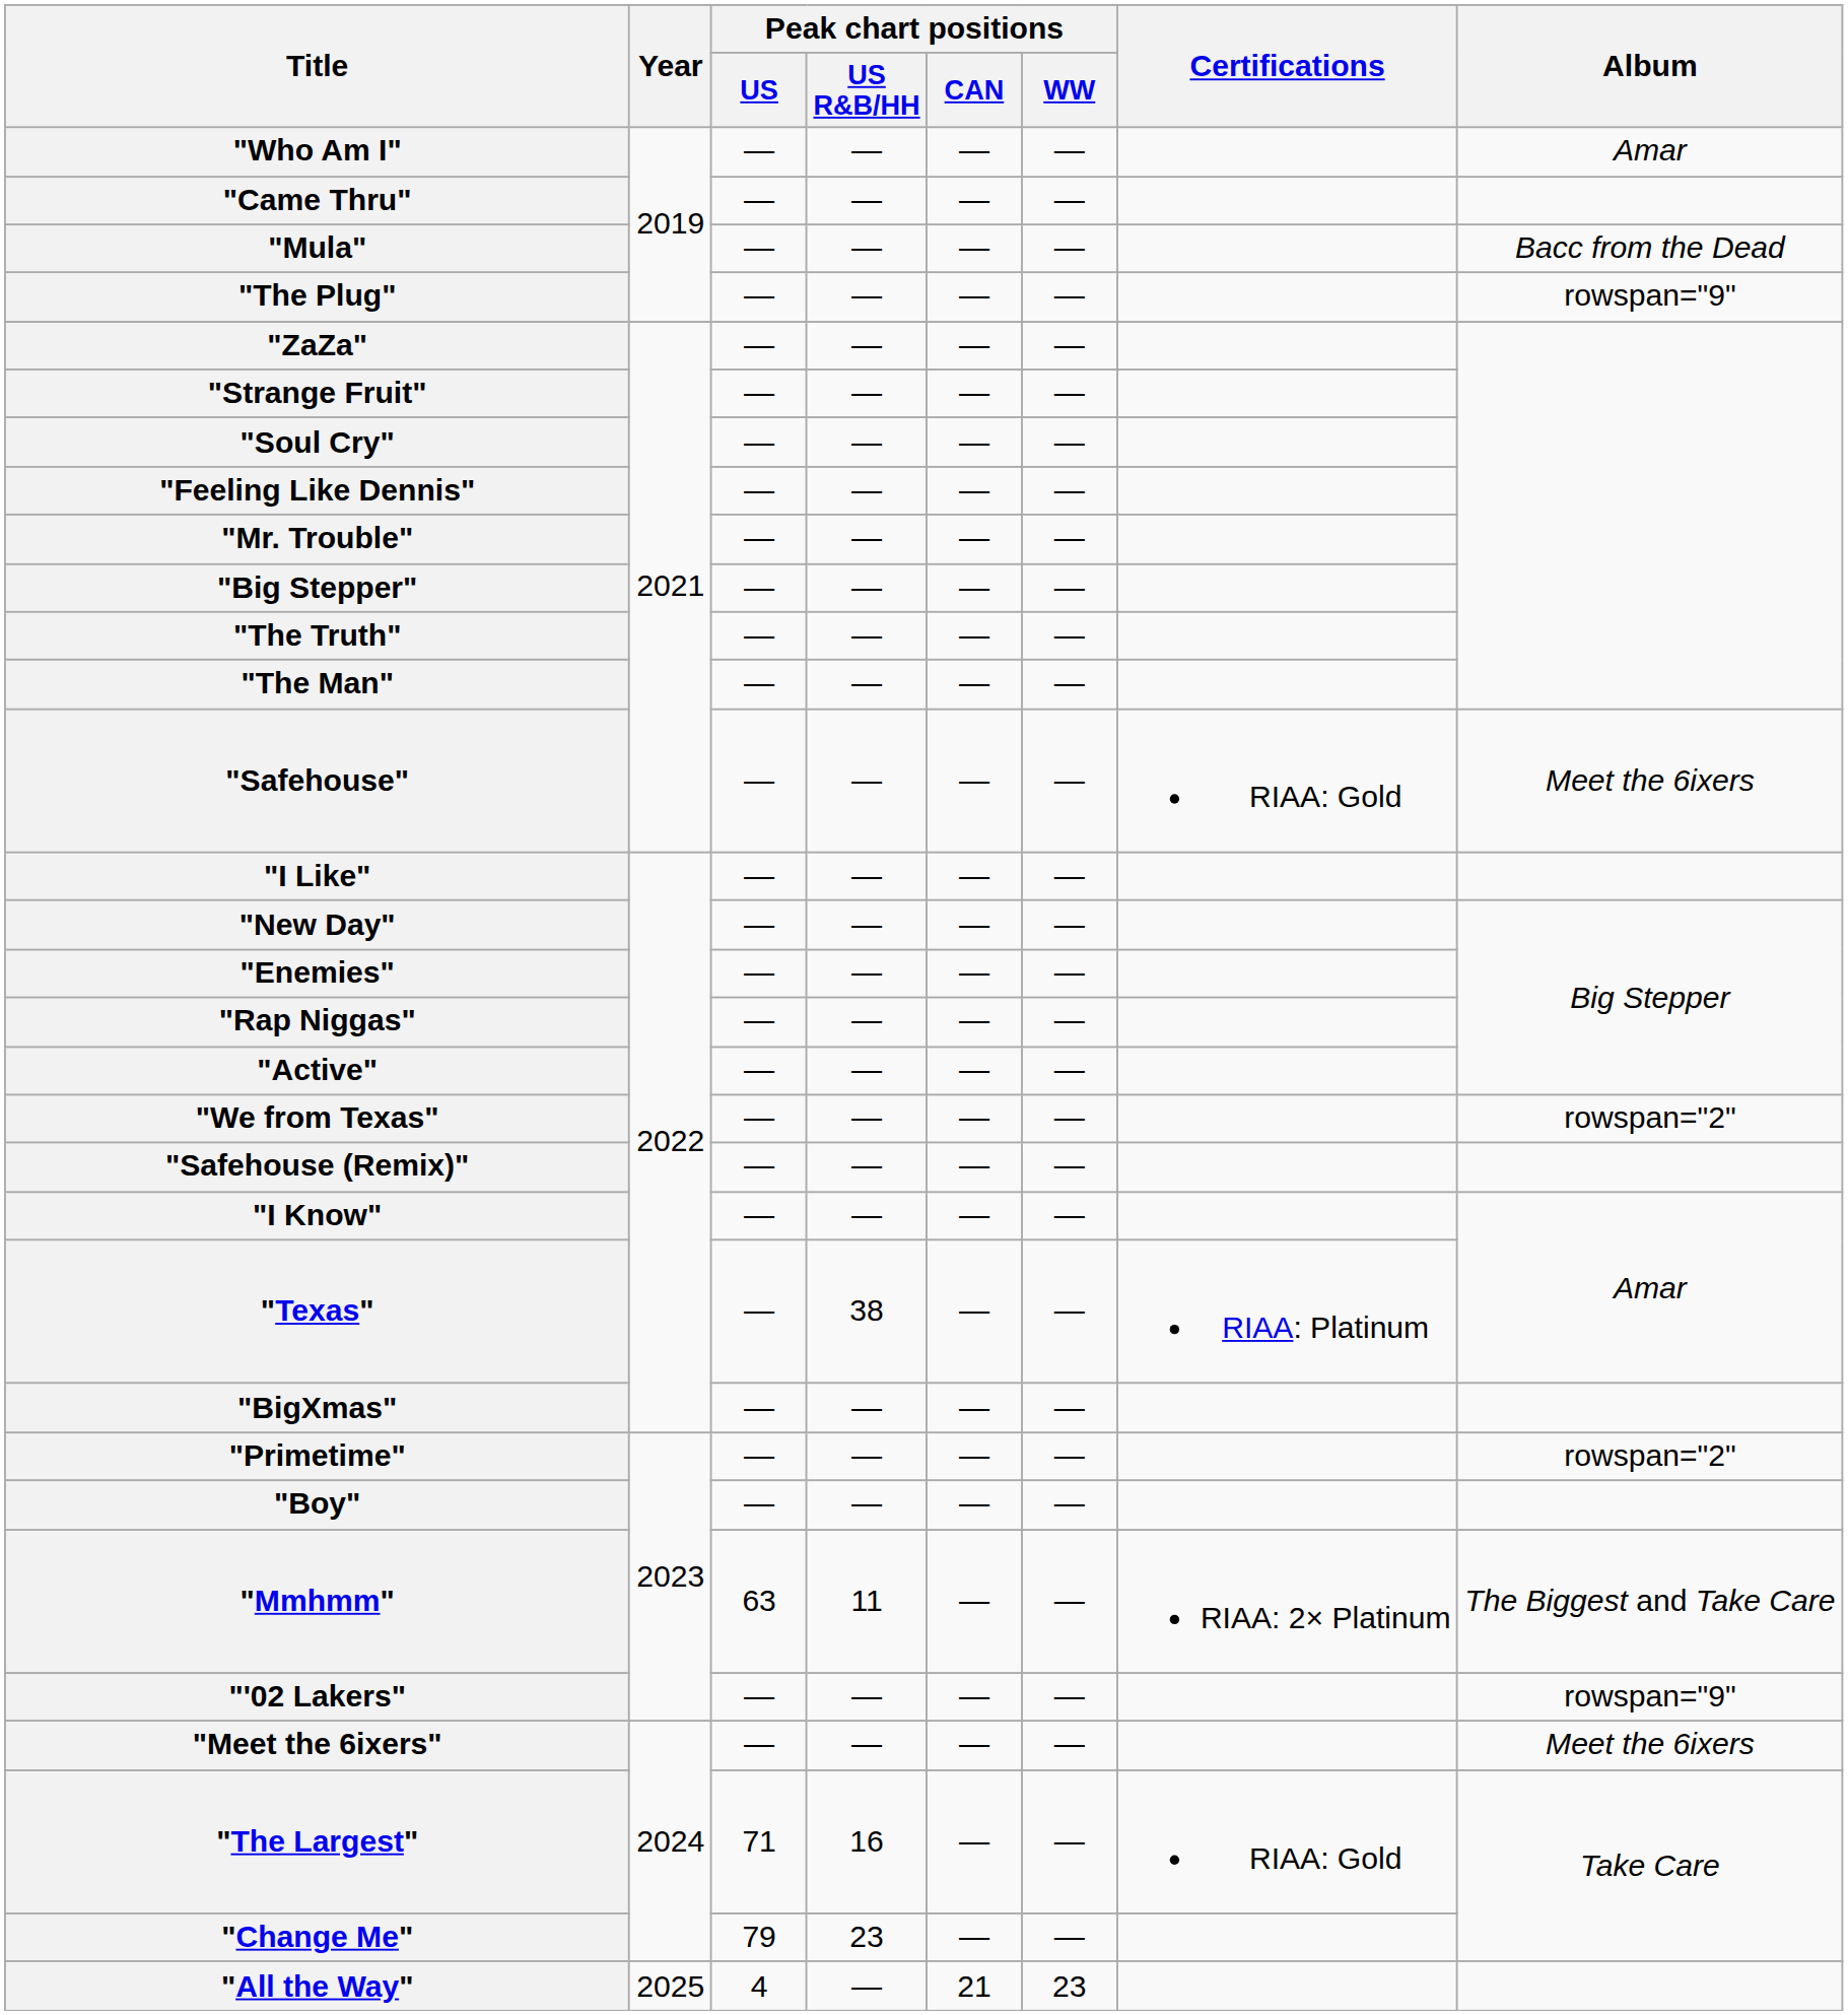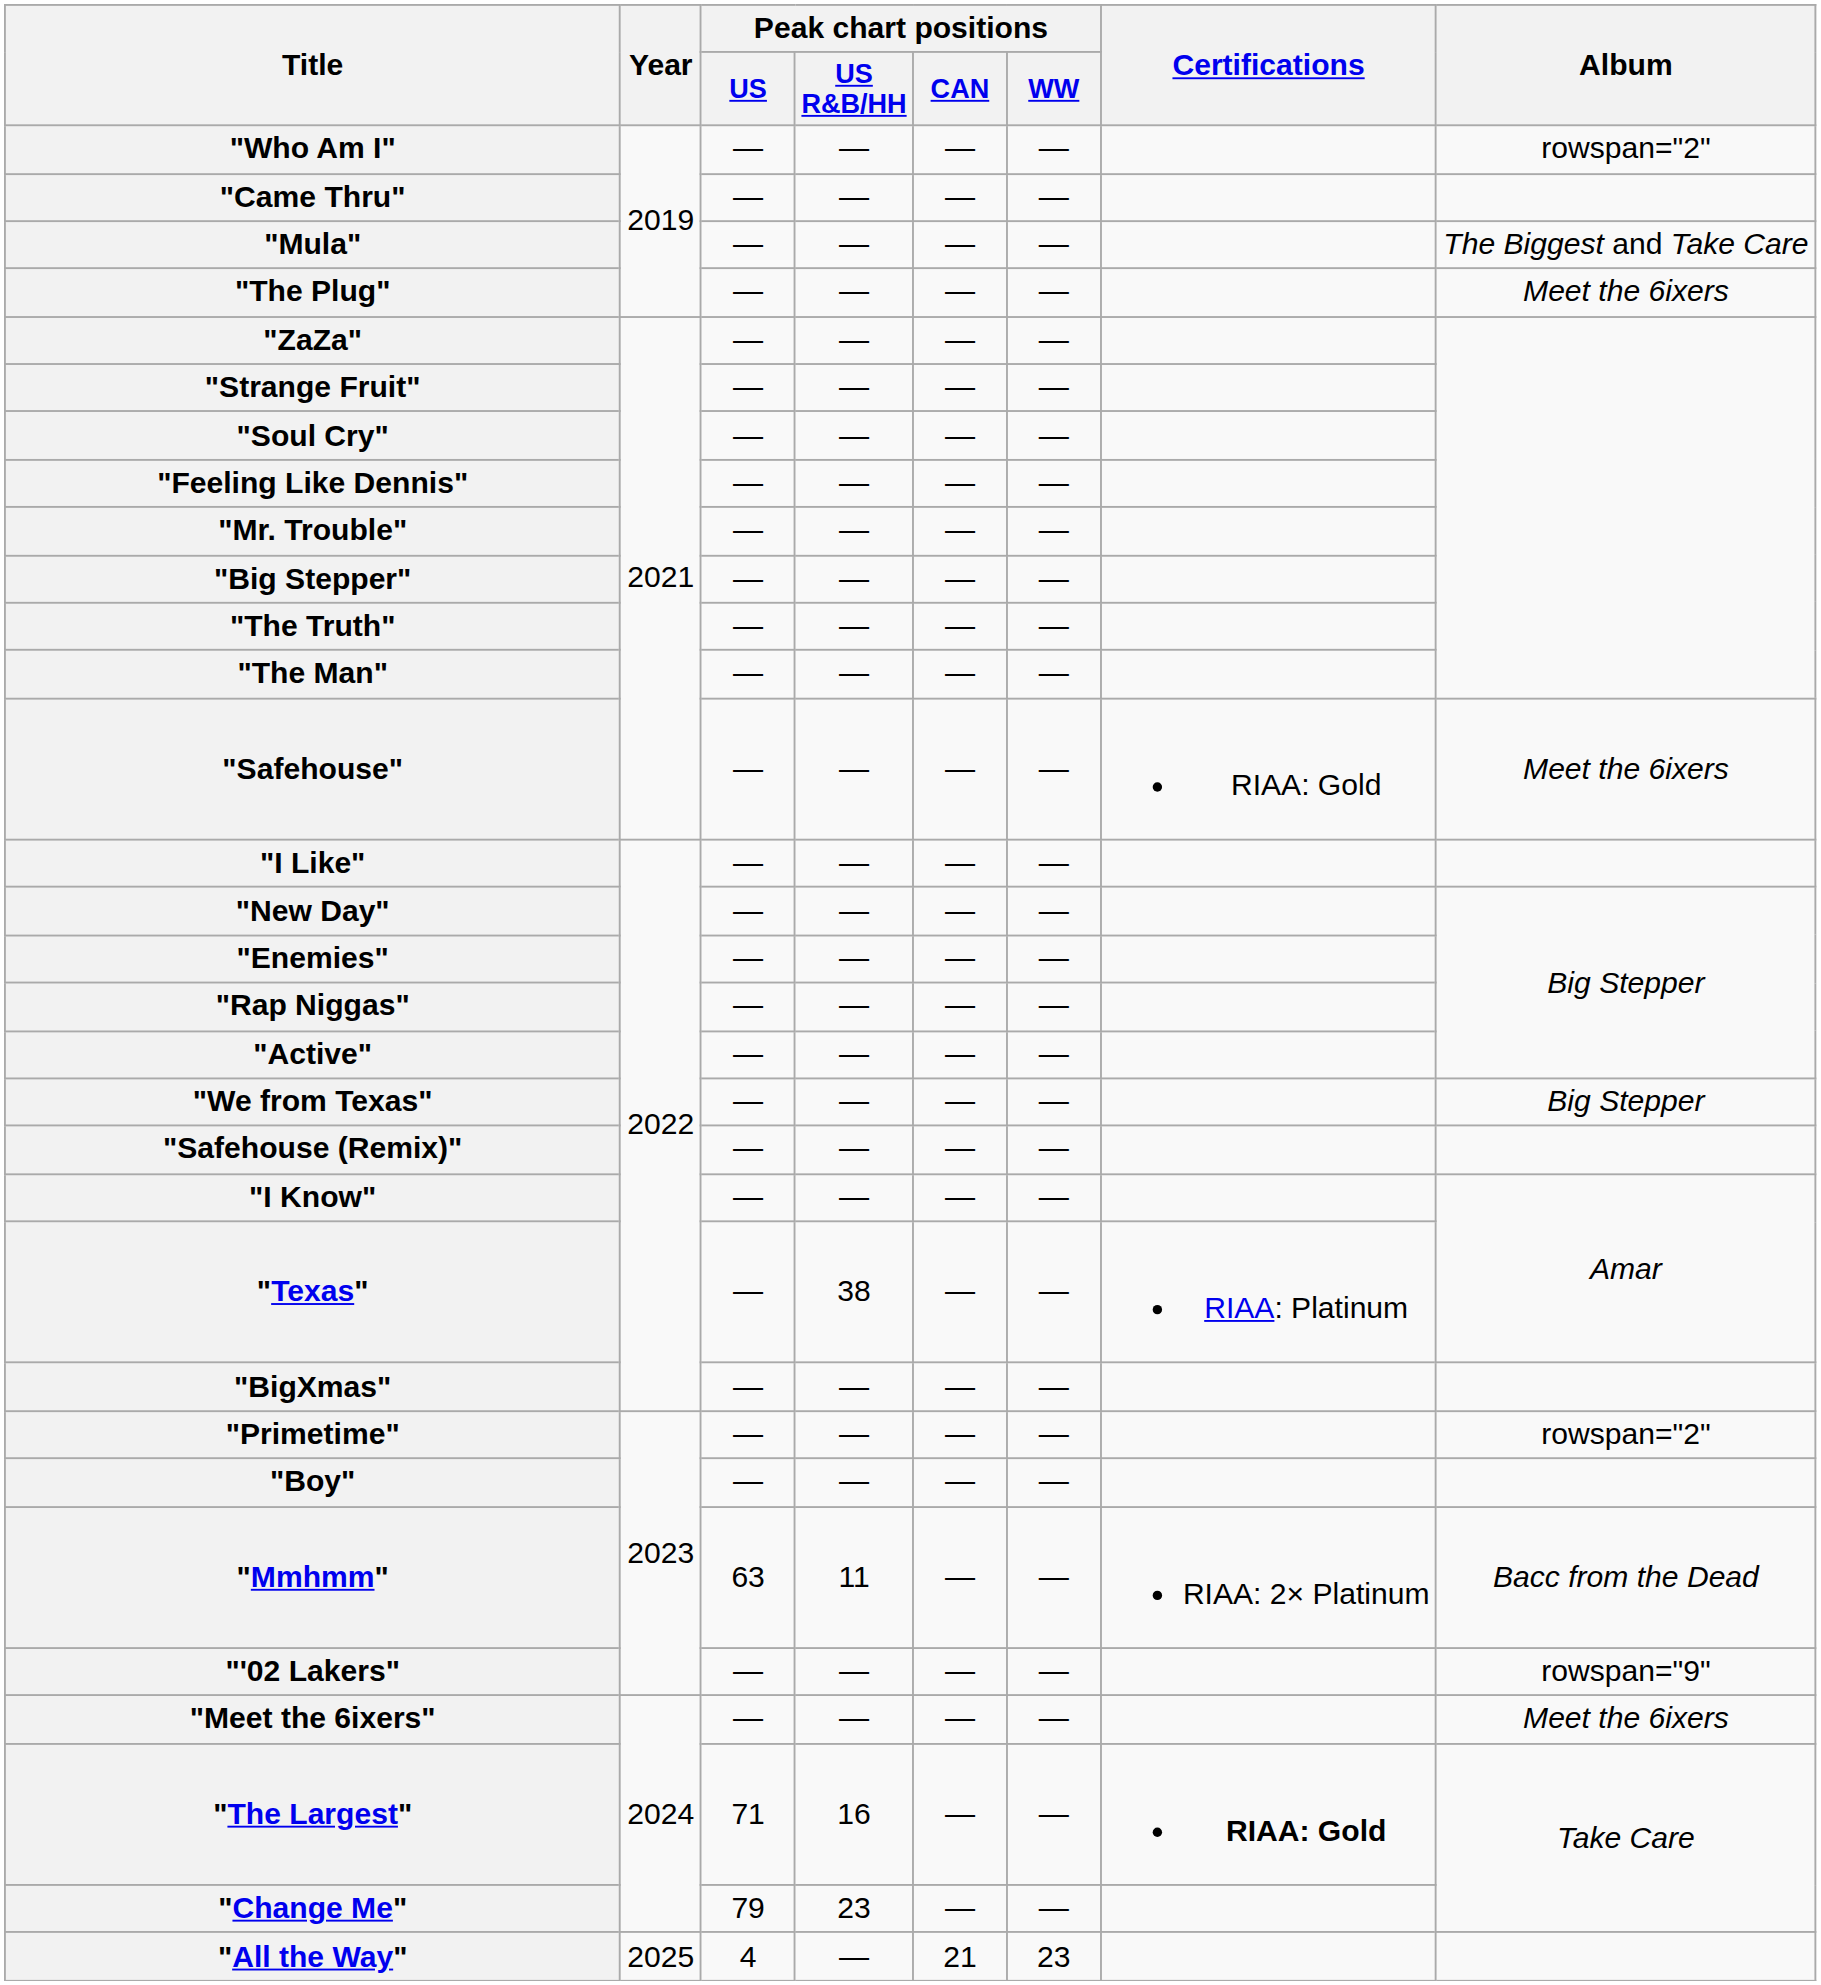 <table class="wikitable plainrowheaders" style="text-align:center;">
 <tr>
 <th scope="col" rowspan="2" style="width:20em;">Title</th>
 <th scope="col" rowspan="2">Year</th>
 <th scope="col" colspan="4">Peak chart positions</th>
 <th scope="col" rowspan="2"><a href='#'>Certifications</a></th>
 <th scope="col" rowspan="2">Album</th>
 </tr>
 <tr>
 <th scope="col" style="width:3em;font-size:90%;"><a href='#'>US</a><br></th>
 <th scope="col" style="width:3em;font-size:90%;"><a href='#'>US<br>R&B/HH</a><br></th>
 <th scope="col" style="width:3em;font-size:90%;"><a href='#'>CAN</a><br></th>
 <th scope="col" style="width:3em;font-size:90%;"><a href='#'>WW</a><br></th>
 </tr>
 <tr>
 <th scope="row">"Who Am I"</th>
 <td rowspan="4">2019</td>
 <td>—</td>
 <td>—</td>
 <td>—</td>
 <td>—</td>
 <td></td>
-<td><em>Amar</em></td>
+<td>rowspan="2" </td>
 </tr>
 <tr>
 <th scope="row">"Came Thru"</th>
 <td>—</td>
 <td>—</td>
 <td>—</td>
 <td>—</td>
 <td></td>
 </tr>
 <tr>
 <th scope="row">"Mula"</th>
 <td>—</td>
 <td>—</td>
 <td>—</td>
 <td>—</td>
 <td></td>
-<td><em>Bacc from the Dead</em></td>
+<td><em>The Biggest</em> and <em>Take Care</em></td>
 </tr>
 <tr>
 <th scope="row">"The Plug"</th>
 <td>—</td>
 <td>—</td>
 <td>—</td>
 <td>—</td>
 <td></td>
-<td>rowspan="9" </td>
+<td><em>Meet the 6ixers</em></td>
 </tr>
 <tr>
 <th scope="row">"ZaZa"<br></th>
 <td rowspan="9">2021</td>
 <td>—</td>
 <td>—</td>
 <td>—</td>
 <td>—</td>
 <td></td>
 </tr>
 <tr>
 <th scope="row">"Strange Fruit"<br></th>
 <td>—</td>
 <td>—</td>
 <td>—</td>
 <td>—</td>
 <td></td>
 </tr>
 <tr>
 <th scope="row">"Soul Cry"<br></th>
 <td>—</td>
 <td>—</td>
 <td>—</td>
 <td>—</td>
 <td></td>
 </tr>
 <tr>
 <th scope="row">"Feeling Like Dennis"</th>
 <td>—</td>
 <td>—</td>
 <td>—</td>
 <td>—</td>
 <td></td>
 </tr>
 <tr>
 <th scope="row">"Mr. Trouble"</th>
 <td>—</td>
 <td>—</td>
 <td>—</td>
 <td>—</td>
 <td></td>
 </tr>
 <tr>
 <th scope="row">"Big Stepper"</th>
 <td>—</td>
 <td>—</td>
 <td>—</td>
 <td>—</td>
 <td></td>
 </tr>
 <tr>
 <th scope="row">"The Truth"<br></th>
 <td>—</td>
 <td>—</td>
 <td>—</td>
 <td>—</td>
 <td></td>
 </tr>
 <tr>
 <th scope="row">"The Man"</th>
 <td>—</td>
 <td>—</td>
 <td>—</td>
 <td>—</td>
 <td></td>
 </tr>
 <tr>
 <th scope="row">"Safehouse"</th>
 <td>—</td>
 <td>—</td>
 <td>—</td>
 <td>—</td>
 <td><br><ul><li>RIAA: Gold</li></ul></td>
 <td><em>Meet the 6ixers</em></td>
 </tr>
 <tr>
 <th scope="row">"I Like"<br></th>
 <td rowspan="10">2022</td>
 <td>—</td>
 <td>—</td>
 <td>—</td>
 <td>—</td>
 <td></td>
 <td></td>
 </tr>
 <tr>
 <th scope="row">"New Day"</th>
 <td>—</td>
 <td>—</td>
 <td>—</td>
 <td>—</td>
 <td></td>
 <td rowspan="4"><em>Big Stepper</em></td>
 </tr>
 <tr>
 <th scope="row">"Enemies"<br></th>
 <td>—</td>
 <td>—</td>
 <td>—</td>
 <td>—</td>
 <td></td>
 </tr>
 <tr>
 <th scope="row">"Rap Niggas"<br></th>
 <td>—</td>
 <td>—</td>
 <td>—</td>
 <td>—</td>
 <td></td>
 </tr>
 <tr>
 <th scope="row">"Active"</th>
 <td>—</td>
 <td>—</td>
 <td>—</td>
 <td>—</td>
 <td></td>
 </tr>
 <tr>
 <th scope="row">"We from Texas"<br></th>
 <td>—</td>
 <td>—</td>
 <td>—</td>
 <td>—</td>
 <td></td>
-<td>rowspan="2" </td>
+<td><em>Big Stepper</em></td>
 </tr>
 <tr>
 <th scope="row">"Safehouse (Remix)"<br></th>
 <td>—</td>
 <td>—</td>
 <td>—</td>
 <td>—</td>
 <td></td>
 </tr>
 <tr>
 <th scope="row">"I Know"<br></th>
 <td>—</td>
 <td>—</td>
 <td>—</td>
 <td>—</td>
 <td></td>
 <td rowspan="2"><em>Amar</em></td>
 </tr>
 <tr>
 <th scope="row">"<a href='#'>Texas</a>"</th>
 <td>—</td>
 <td>38</td>
 <td>—</td>
 <td>—</td>
 <td><br><ul><li><a href='#'>RIAA</a>: Platinum</li></ul></td>
 </tr>
 <tr>
 <th scope="row">"BigXmas"</th>
 <td>—</td>
 <td>—</td>
 <td>—</td>
 <td>—</td>
 <td></td>
 <td></td>
 </tr>
 <tr>
 <th scope="row">"Primetime"</th>
 <td rowspan="4">2023</td>
 <td>—</td>
 <td>—</td>
 <td>—</td>
 <td>—</td>
 <td></td>
 <td>rowspan="2" </td>
 </tr>
 <tr>
 <th scope="row">"Boy"<br></th>
 <td>—</td>
 <td>—</td>
 <td>—</td>
 <td>—</td>
 <td></td>
 <td></td>
 </tr>
 <tr>
 <th scope="row">"<a href='#'>Mmhmm</a>"</th>
 <td>63</td>
 <td>11</td>
 <td>—</td>
 <td>—</td>
 <td><br><ul><li>RIAA: 2× Platinum</li></ul></td>
-<td><em>The Biggest</em> and <em>Take Care</em></td>
+<td><em>Bacc from the Dead</em></td>
 </tr>
 <tr>
 <th scope="row">"'02 Lakers"<br></th>
 <td>—</td>
 <td>—</td>
 <td>—</td>
 <td>—</td>
 <td></td>
 <td>rowspan="9" </td>
 </tr>
 <tr>
 <th scope="row">"Meet the 6ixers"<br></th>
 <td rowspan="3">2024</td>
 <td>—</td>
 <td>—</td>
 <td>—</td>
 <td>—</td>
 <td></td>
 <td><em>Meet the 6ixers</em></td>
 </tr>
 <tr>
 <th scope="row">"<a href='#'>The Largest</a>"</th>
 <td>71</td>
 <td>16</td>
 <td>—</td>
 <td>—</td>
-<td><br><ul><li>RIAA: Gold</li></ul></td>
+<td><strong><br><ul><li>RIAA: Gold</li></ul></strong></td>
 <td rowspan="2"><em>Take Care</em></td>
 </tr>
 <tr>
 <th scope="row">"<a href='#'>Change Me</a>"</th>
 <td>79</td>
 <td>23</td>
 <td>—</td>
 <td>—</td>
 <td></td>
 </tr>
 <tr>
 <th scope="row">"<a href='#'>All the Way</a>"<br></th>
 <td>2025</td>
 <td>4</td>
 <td>—</td>
 <td>21</td>
 <td>23</td>
 <td></td>
 <td></td>
 </tr>
 </table>
